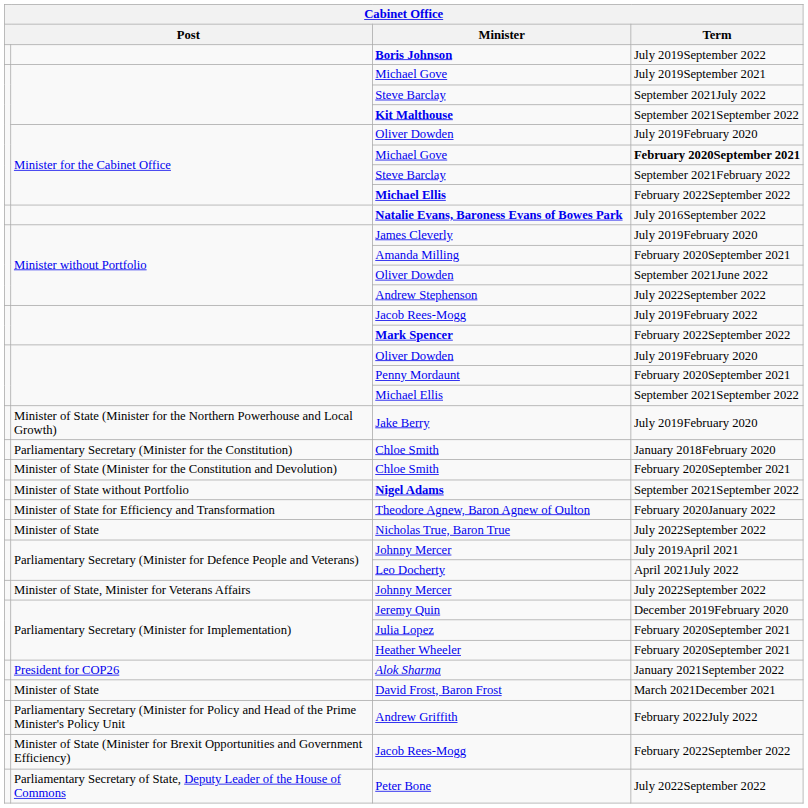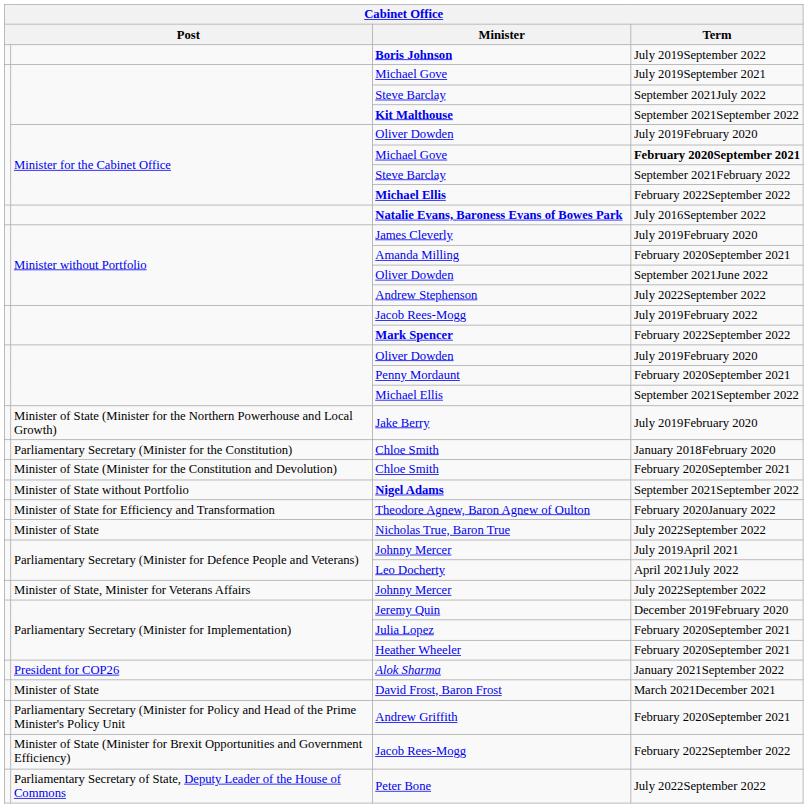 <table class="wikitable">
 <tr>
 <th colspan="4"><a href='#'>Cabinet Office</a></th>
 </tr>
 <tr>
 <th colspan="2">Post</th>
 <th>Minister</th>
 <th>Term</th>
 </tr>
 <tr>
 <td style="width: 1px; background: "></td>
 <td style="width: 450px;"></td>
 <td style="width: 320px;"><strong><a href='#'>Boris Johnson</a></strong></td>
 <td>July 2019September 2022</td>
 </tr>
 <tr>
 <td rowspan=7 style="width: 1px; background: "></td>
 <td rowspan=3 style="width: 450px;"></td>
 <td style="width: 320px;"><a href='#'>Michael Gove</a></td>
 <td>July 2019September 2021</td>
 </tr>
 <tr>
 <td style="width: 320px;"><a href='#'>Steve Barclay</a></td>
 <td>September 2021July 2022</td>
 </tr>
 <tr>
 <td style="width: 320px;"><strong><a href='#'>Kit Malthouse</a></strong></td>
 <td>September 2021September 2022</td>
 </tr>
 <tr>
 <td rowspan=4 style="width: 450px;"><a href='#'>Minister for the Cabinet Office</a></td>
 <td style="width: 320px;"><a href='#'>Oliver Dowden</a></td>
 <td>July 2019February 2020</td>
 </tr>
 <tr>
 <td style="width: 320px;"><a href='#'>Michael Gove</a></td>
 <td><strong>February 2020September 2021</strong></td>
 </tr>
 <tr>
 <td style"width: 320px;"><a href='#'>Steve Barclay</a></td>
 <td>September 2021February 2022</td>
 </tr>
 <tr>
 <td style="width: 320px;"><strong><a href='#'>Michael Ellis</a></strong></td>
 <td>February 2022September 2022</td>
 </tr>
 <tr>
 <td style="width: 1px; background: "></td>
 <td style="width: 450px;"></td>
 <td style="width: 320px;"><strong><a href='#'>Natalie Evans, Baroness Evans of Bowes Park</a></strong></td>
 <td>July 2016September 2022</td>
 </tr>
 <tr>
 <td rowspan=4 style="width: 1px; background: "></td>
 <td rowspan=4 style="width: 450px;"><a href='#'>Minister without Portfolio</a></td>
 <td style="width: 320px;"><a href='#'>James Cleverly</a> <br></td>
 <td>July 2019February 2020</td>
 </tr>
 <tr>
 <td><a href='#'>Amanda Milling</a> <br></td>
 <td>February 2020September 2021</td>
 </tr>
 <tr>
 <td><a href='#'>Oliver Dowden</a> <br></td>
 <td>September 2021June 2022</td>
 </tr>
 <tr>
 <td><a href='#'>Andrew Stephenson</a> <br></td>
 <td>July 2022September 2022</td>
 </tr>
 <tr>
 <td rowspan=2 style="width: 1px; background: "></td>
 <td rowspan=2 style="width: 450px;"></td>
 <td style="width: 320px;"><a href='#'>Jacob Rees-Mogg</a></td>
 <td>July 2019February 2022</td>
 </tr>
 <tr>
 <td style="width: 320px;"><strong><a href='#'>Mark Spencer</a></strong></td>
 <td>February 2022September 2022</td>
 </tr>
 <tr>
 <td rowspan=3 style="width: 1px; background: "></td>
 <td rowspan=3 style="width: 450px;"></td>
 <td style="width: 320px;"><a href='#'>Oliver Dowden</a></td>
 <td>July 2019February 2020</td>
 </tr>
 <tr>
 <td style="width: 320px;"><a href='#'>Penny Mordaunt</a></td>
 <td>February 2020September 2021</td>
 </tr>
 <tr>
 <td style="width: 320px;"><a href='#'>Michael Ellis</a></td>
 <td>September 2021September 2022</td>
 </tr>
 <tr>
 <td style="width: 1px; background: "></td>
 <td style="width: 450px;">Minister of State (Minister for the Northern Powerhouse and Local Growth)</td>
 <td style="width: 320px;"><a href='#'>Jake Berry</a><br></td>
 <td>July 2019February 2020</td>
 </tr>
 <tr>
 <td style="width: 1px; background: "></td>
 <td style="width: 450px;">Parliamentary Secretary (Minister for the Constitution)</td>
 <td style="width: 320px;"><a href='#'>Chloe Smith</a></td>
 <td>January 2018February 2020</td>
 </tr>
 <tr>
 <td style="width: 1px; background: "></td>
 <td style="width: 450px;">Minister of State (Minister for the Constitution and Devolution)</td>
 <td style="width: 320px;"><a href='#'>Chloe Smith</a></td>
 <td>February 2020September 2021</td>
 </tr>
 <tr>
 <td style="width: 1px; background: "></td>
 <td style="width: 450px;">Minister of State without Portfolio</td>
 <td style="width: 320px;"><strong><a href='#'>Nigel Adams</a></strong></td>
 <td>September 2021September 2022</td>
 </tr>
 <tr>
 <td style="width: 1px; background: "></td>
 <td style="width: 450px;">Minister of State for Efficiency and Transformation</td>
 <td style="width: 320px;"><a href='#'>Theodore Agnew, Baron Agnew of Oulton</a><br></td>
 <td>February 2020January 2022</td>
 </tr>
 <tr>
 <td style="width: 1px; background: "></td>
 <td style="width: 450px;">Minister of State</td>
 <td style="width: 320px;"><a href='#'>Nicholas True, Baron True</a></td>
 <td>July 2022September 2022</td>
 </tr>
 <tr>
 <td rowspan=2 style="width: 1px; background: "></td>
 <td rowspan=2 style="width: 450px;">Parliamentary Secretary (Minister for Defence People and Veterans)</td>
 <td style="width: 320px;"><a href='#'>Johnny Mercer</a><br></td>
 <td>July 2019April 2021</td>
 </tr>
 <tr>
 <td><a href='#'>Leo Docherty</a><br></td>
 <td>April 2021July 2022</td>
 </tr>
 <tr>
 <td style="width: 1px; background: "></td>
 <td style="width: 450px;">Minister of State, Minister for Veterans Affairs</td>
 <td style="width: 320px;"><a href='#'>Johnny Mercer</a></td>
 <td>July 2022September 2022</td>
 </tr>
 <tr>
 <td rowspan=3 style="width: 1px; background: "></td>
 <td rowspan=3 style="width: 450px;">Parliamentary Secretary (Minister for Implementation)</td>
 <td style="width: 320px;"><a href='#'>Jeremy Quin</a></td>
 <td>December 2019February 2020</td>
 </tr>
 <tr>
 <td><a href='#'>Julia Lopez</a></td>
 <td>February 2020September 2021</td>
 </tr>
 <tr>
 <td><a href='#'>Heather Wheeler</a> <br></td>
 <td>February 2020September 2021</td>
 </tr>
 <tr>
 <td style="width: 1px; background: "></td>
 <td style="width: 450px;"><a href='#'>President for COP26</a></td>
 <td style="width: 320px;"><em><a href='#'>Alok Sharma</a><strong></td>
 <td>January 2021September 2022</td>
 </tr>
 <tr>
 <td style="width: 1px; background: "></td>
 <td style="width: 450px;">Minister of State</td>
 <td style="width: 320px;"><a href='#'>David Frost, Baron Frost</a></td>
 <td>March 2021December 2021</td>
 </tr>
 <tr>
 <td style="width: 1px; background: "></td>
 <td style="width: 450px;">Parliamentary Secretary (Minister for Policy and Head of the Prime Minister's Policy Unit</td>
 <td style="width: 320px;"><a href='#'>Andrew Griffith</a> <br></td>
-<td>February 2022July 2022</td>
+<td>February 2020September 2021</td>
 </tr>
 <tr>
 <td style="width: 1px; background: "></td>
 <td style="width: 450px;">Minister of State (Minister for Brexit Opportunities and Government Efficiency)</td>
 <td style="width: 320px;"></strong><a href='#'>Jacob Rees-Mogg</a><strong></td>
 <td>February 2022September 2022</td>
 </tr>
 <tr>
 <td style="width: 1px; background: "></td>
 <td style="width: 450px;">Parliamentary Secretary of State, <a href='#'>Deputy Leader of the House of Commons</a></td>
 <td style="width: 320px;"><a href='#'>Peter Bone</a></td>
 <td>July 2022September 2022</td>
 </tr>
 </table>
